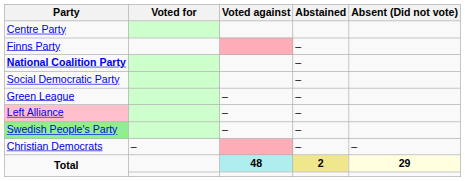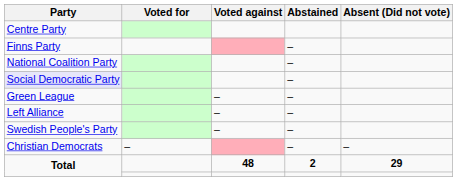 <table class="wikitable">
 <tr>
 <th>Party</th>
 <th style="width:20%;">Voted for</th>
 <th>Voted against</th>
 <th>Abstained</th>
 <th>Absent (Did not vote)</th>
 </tr>
 <tr>
 <td> <a href='#'>Centre Party</a></td>
 <td style="background-color:#CCFFCC;"></td>
 <td></td>
 <td></td>
 <td></td>
 </tr>
 <tr>
 <td> <a href='#'>Finns Party</a></td>
 <td></td>
 <td style="background-color:#FFAEB9;"></td>
 <td>–</td>
 <td></td>
 </tr>
 <tr>
-<td><strong> <a href='#'>National Coalition Party</a></strong></td>
+<td> <a href='#'>National Coalition Party</a></td>
 <td style="background-color:#CCFFCC;"></td>
 <td></td>
 <td>–</td>
 <td></td>
 </tr>
 <tr>
-<td> <a href='#'>Social Democratic Party</a></td>
+<td style="background: lavender;"> <a href='#'>Social Democratic Party</a></td>
 <td style="background-color:#CCFFCC;"></td>
 <td></td>
 <td>–</td>
 <td></td>
 </tr>
 <tr>
 <td> <a href='#'>Green League</a></td>
 <td style="background-color:#CCFFCC;"></td>
 <td>–</td>
 <td>–</td>
 <td></td>
 </tr>
 <tr>
-<td style="background: pink;"> <a href='#'>Left Alliance</a></td>
+<td> <a href='#'>Left Alliance</a></td>
 <td style="background-color:#CCFFCC;"></td>
 <td>–</td>
 <td>–</td>
 <td></td>
 </tr>
 <tr>
-<td style="background: lightgreen;"> <a href='#'>Swedish People's Party</a></td>
+<td> <a href='#'>Swedish People's Party</a></td>
 <td style="background-color:#CCFFCC;"></td>
 <td>–</td>
 <td>–</td>
 <td></td>
 </tr>
 <tr>
 <td> <a href='#'>Christian Democrats</a></td>
 <td>–</td>
 <td style="background-color:#FFAEB9;"></td>
 <td>–</td>
 <td>–</td>
 </tr>
 <tr>
 <td style="text-align:center;" rowspan="2"><strong>Total</strong></td>
 <td></td>
-<td style="background: paleturquoise; text-align:center;"><strong>48</strong></td>
-<td style="background: khaki; text-align:center;"><strong>2</strong></td>
-<td style="background: lightyellow; text-align:center;"><strong>29</strong></td>
+<td style="text-align:center;"><strong>48</strong></td>
+<td style="text-align:center;"><strong>2</strong></td>
+<td style="text-align:center;"><strong>29</strong></td>
 </tr>
 <tr>
 <td style="text-align:center;"></td>
 <td style="text-align:center;"></td>
 <td style="text-align:center;"></td>
 <td style="text-align:center;"></td>
 </tr>
 </table>
